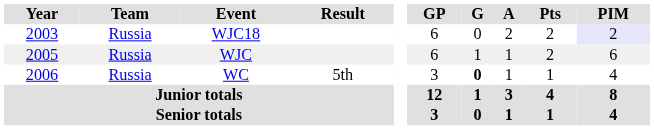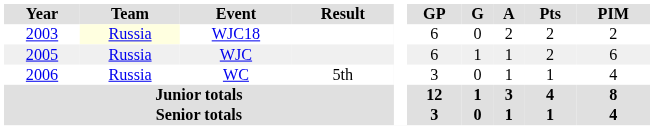 <table border="0" cellpadding="1" cellspacing="0" style="text-align:center; width:40em">
 <tr ALIGN="center" bgcolor="#e0e0e0">
 <th>Year</th>
 <th>Team</th>
 <th>Event</th>
 <th>Result</th>
 <th rowspan="99" bgcolor="#ffffff"> </th>
 <th>GP</th>
 <th>G</th>
 <th>A</th>
 <th>Pts</th>
 <th>PIM</th>
 </tr>
 <tr>
 <td><a href='#'>2003</a></td>
-<td><a href='#'>Russia</a></td>
+<td style="background: lightyellow;"><a href='#'>Russia</a></td>
 <td><a href='#'>WJC18</a></td>
 <td></td>
 <td>6</td>
 <td>0</td>
 <td>2</td>
 <td>2</td>
-<td style="background: lavender;">2</td>
+<td>2</td>
 </tr>
 <tr bgcolor="#f0f0f0">
 <td><a href='#'>2005</a></td>
 <td><a href='#'>Russia</a></td>
 <td><a href='#'>WJC</a></td>
 <td></td>
 <td>6</td>
 <td>1</td>
 <td>1</td>
 <td>2</td>
 <td>6</td>
 </tr>
 <tr>
 <td><a href='#'>2006</a></td>
 <td><a href='#'>Russia</a></td>
 <td><a href='#'>WC</a></td>
 <td>5th</td>
 <td>3</td>
-<td><strong>0</strong></td>
+<td>0</td>
 <td>1</td>
 <td>1</td>
 <td>4</td>
 </tr>
 <tr bgcolor="#e0e0e0">
 <th colspan="4">Junior totals</th>
 <th>12</th>
 <th>1</th>
 <th>3</th>
 <th>4</th>
 <th>8</th>
 </tr>
 <tr bgcolor="#e0e0e0">
 <th colspan=4>Senior totals</th>
 <th>3</th>
 <th>0</th>
 <th>1</th>
 <th>1</th>
 <th>4</th>
 </tr>
 </table>
